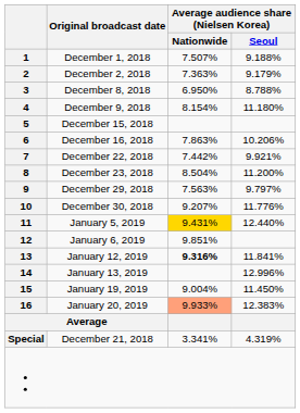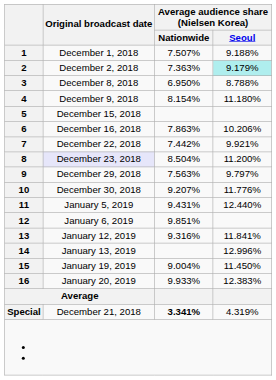 <table class="wikitable" style="text-align:center;max-width:500px; margin-left: auto; margin-right: auto; border: none;">
 <tr>
 </tr>
 <tr>
 <th rowspan="2"></th>
 <th rowspan="2">Original broadcast date</th>
 <th colspan="2">Average audience share<br>(Nielsen Korea)</th>
 </tr>
 <tr>
 <th width="90">Nationwide</th>
 <th width="90"><a href='#'>Seoul</a></th>
 </tr>
 <tr>
 <th>1</th>
 <td>December 1, 2018</td>
 <td>7.507% </td>
 <td>9.188% </td>
 </tr>
 <tr>
 <th>2</th>
 <td>December 2, 2018</td>
 <td>7.363% </td>
-<td>9.179% </td>
+<td style="background: paleturquoise;">9.179% </td>
 </tr>
 <tr>
 <th>3</th>
 <td>December 8, 2018</td>
 <td>6.950% </td>
 <td>8.788% </td>
 </tr>
 <tr>
 <th>4</th>
 <td>December 9, 2018</td>
 <td>8.154% </td>
 <td>11.180% </td>
 </tr>
 <tr>
 <th>5</th>
 <td>December 15, 2018</td>
 <td><strong></strong> </td>
 <td><strong></strong> </td>
 </tr>
 <tr>
 <th>6</th>
 <td>December 16, 2018</td>
 <td>7.863% </td>
 <td>10.206% </td>
 </tr>
 <tr>
 <th>7</th>
 <td>December 22, 2018</td>
 <td>7.442% </td>
 <td>9.921% </td>
 </tr>
 <tr>
 <th>8</th>
-<td>December 23, 2018</td>
+<td style="background: lavender;">December 23, 2018</td>
 <td>8.504% </td>
 <td>11.200% </td>
 </tr>
 <tr>
 <th>9</th>
 <td>December 29, 2018</td>
 <td>7.563% </td>
 <td>9.797% </td>
 </tr>
 <tr>
 <th>10</th>
 <td>December 30, 2018</td>
 <td>9.207% </td>
 <td>11.776% </td>
 </tr>
 <tr>
 <th>11</th>
 <td>January 5, 2019</td>
-<td style="background: gold;">9.431% </td>
+<td>9.431% </td>
 <td>12.440% </td>
 </tr>
 <tr>
 <th>12</th>
 <td>January 6, 2019</td>
 <td>9.851% </td>
 <td><strong></strong> </td>
 </tr>
 <tr>
 <th>13</th>
 <td>January 12, 2019</td>
-<td><strong>9.316% </strong></td>
+<td>9.316% </td>
 <td>11.841% </td>
 </tr>
 <tr>
 <th>14</th>
 <td>January 13, 2019</td>
 <td><strong></strong> </td>
 <td>12.996% </td>
 </tr>
 <tr>
 <th>15</th>
 <td>January 19, 2019</td>
 <td>9.004% </td>
 <td>11.450% </td>
 </tr>
 <tr>
 <th>16</th>
 <td>January 20, 2019</td>
-<td style="background: lightsalmon;">9.933% </td>
+<td>9.933% </td>
 <td>12.383% </td>
 </tr>
 <tr>
 <th colspan="2">Average</th>
 <th></th>
 <th></th>
 </tr>
 <tr>
 <th>Special</th>
 <td>December 21, 2018</td>
-<td>3.341%</td>
+<td><strong>3.341%</strong></td>
 <td>4.319%</td>
 </tr>
 <tr>
 <td colspan="6"><br><ul><li></li><li></li></ul></td>
 </tr>
 </table>
